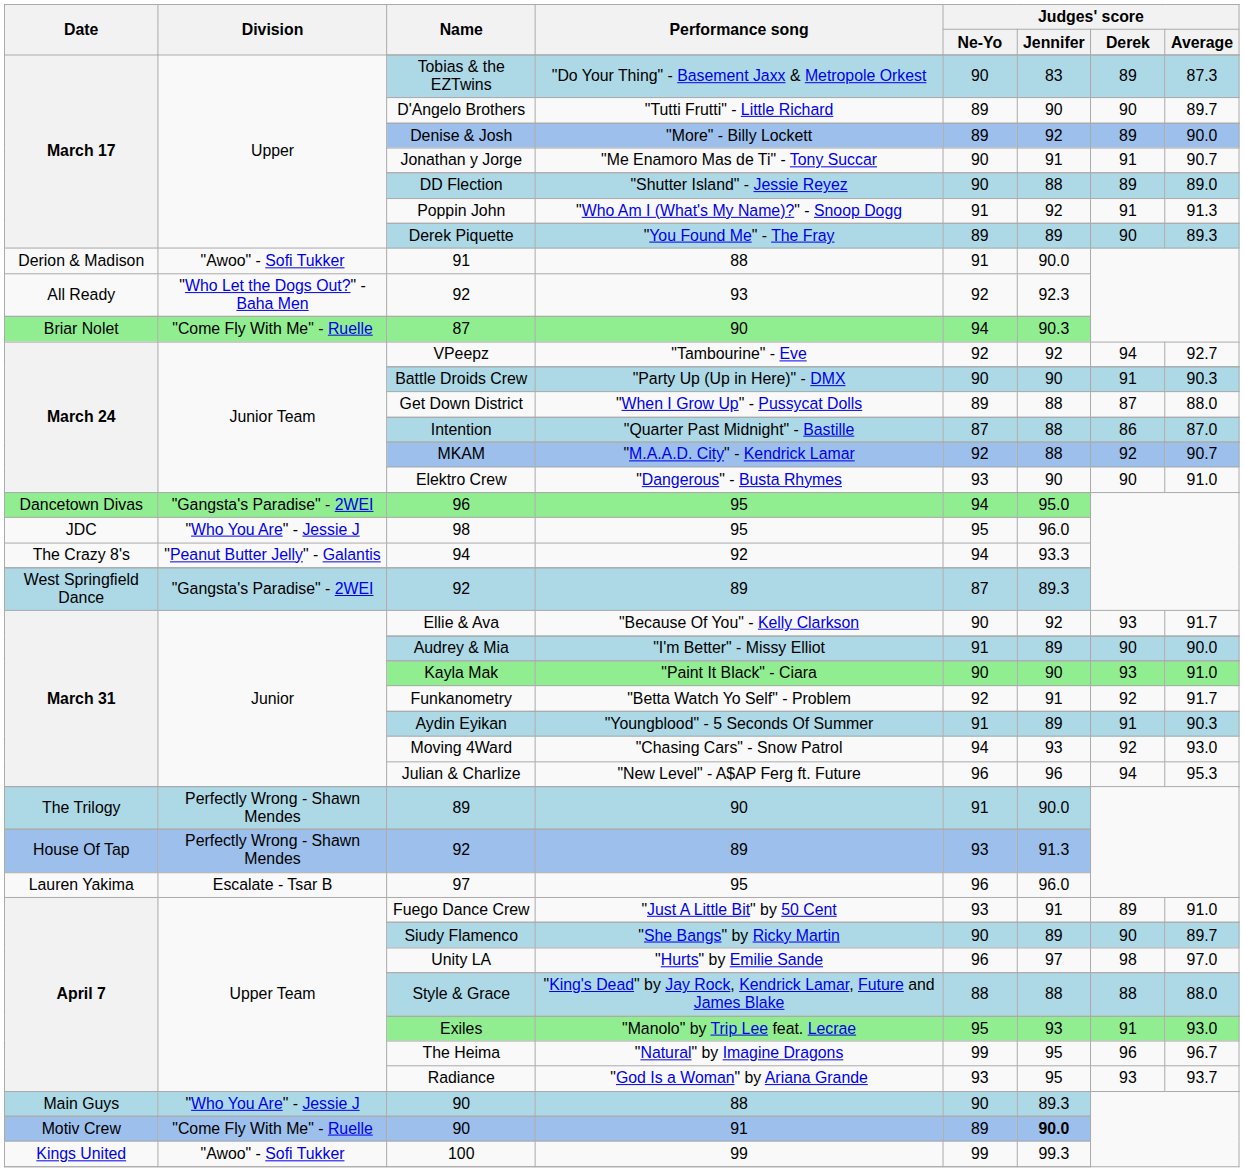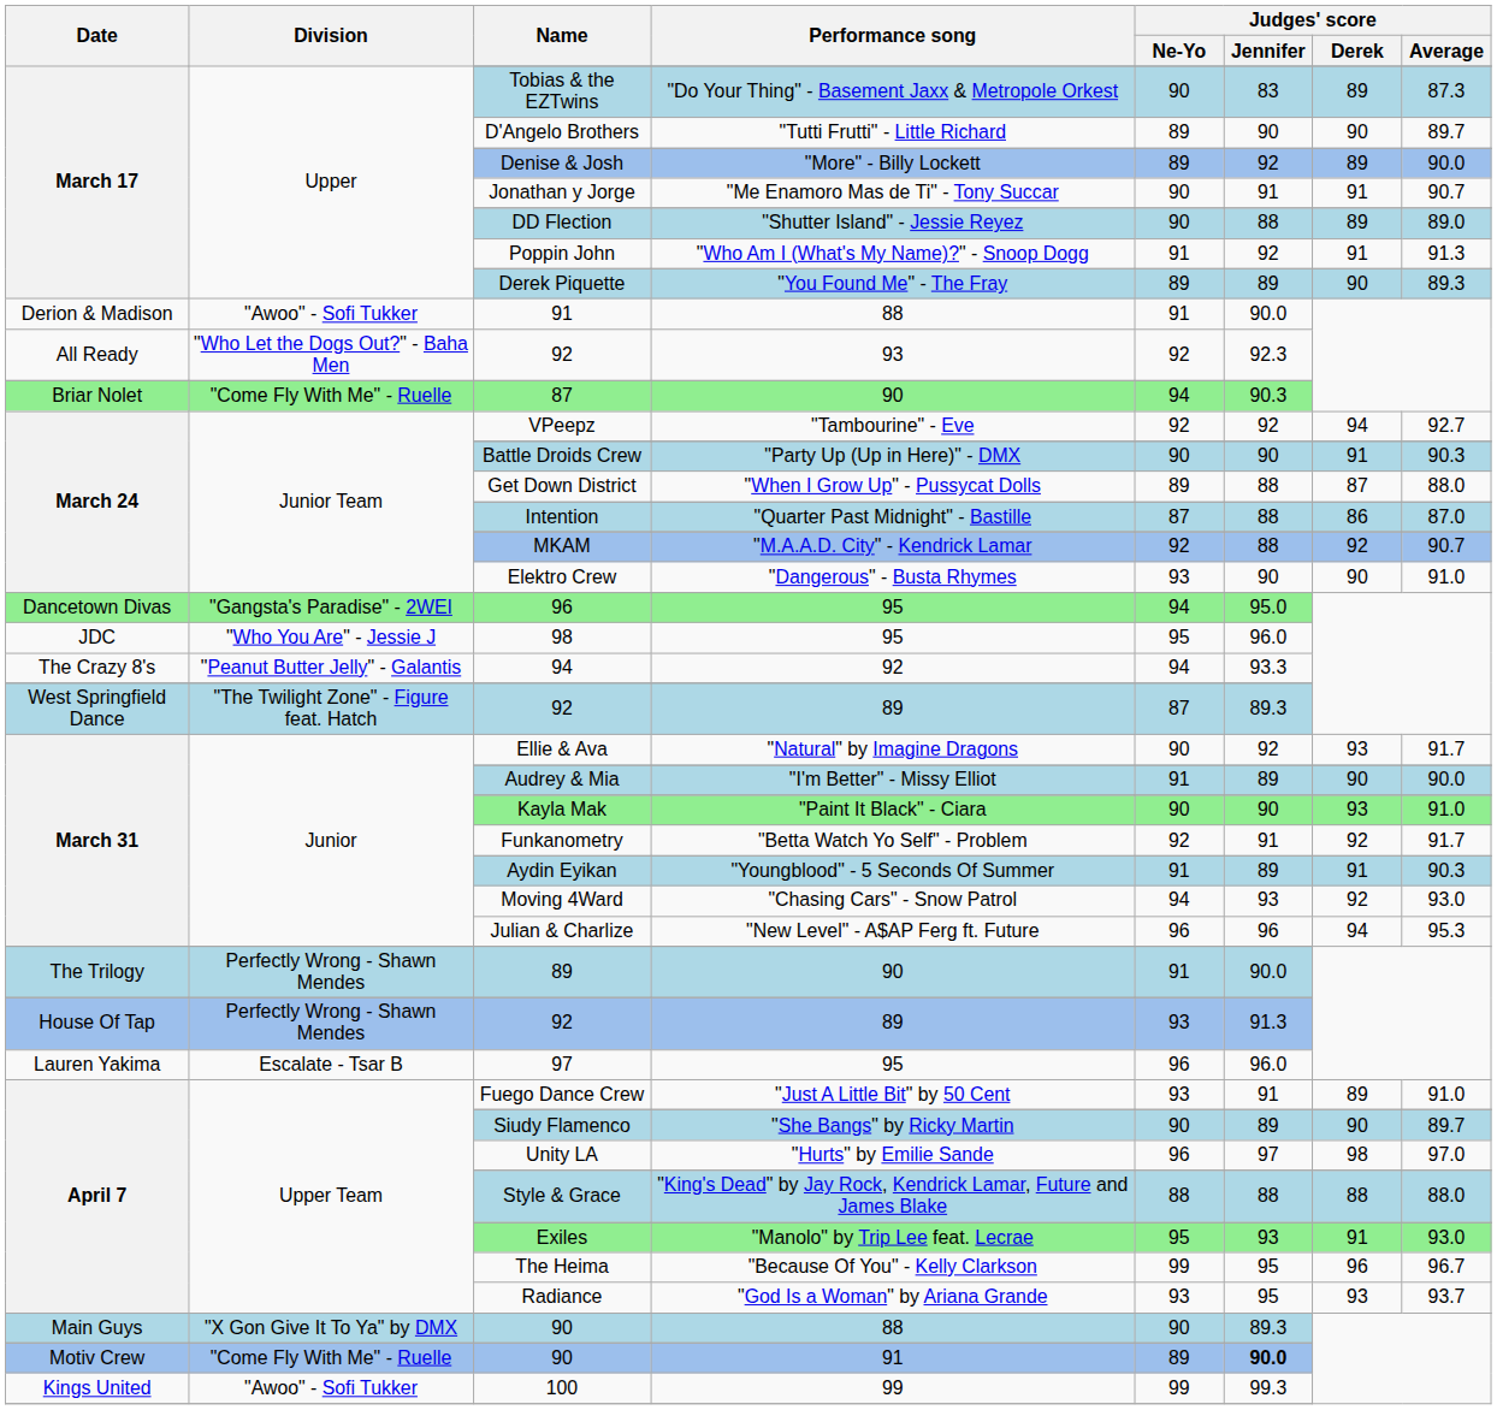 <table class="wikitable sortable" style="text-align:center;">
 <tr>
 <th scope="col" rowspan="2">Date</th>
 <th scope="col" rowspan="2">Division</th>
 <th scope="col" rowspan="2" class="unsortable">Name</th>
 <th scope="col" rowspan="2" class="unsortable">Performance song</th>
 <th scope="col" colspan="4">Judges' score</th>
 </tr>
 <tr>
 <th style="width:06%;">Ne-Yo</th>
 <th style="width:06%;">Jennifer</th>
 <th style="width:06%;">Derek</th>
 <th style="width:06%;">Average</th>
 </tr>
 <tr>
 <th rowspan="11">March 17</th>
 <td rowspan="11">Upper</td>
 </tr>
 <tr style="color:black; background:LightBlue;">
 <td>Tobias & the EZTwins</td>
 <td>"Do Your Thing" - <a href='#'>Basement Jaxx</a> & <a href='#'>Metropole Orkest</a></td>
 <td>90</td>
 <td>83</td>
 <td>89</td>
 <td>87.3</td>
 </tr>
 <tr>
 <td>D'Angelo Brothers</td>
 <td>"Tutti Frutti" - <a href='#'>Little Richard</a></td>
 <td>89</td>
 <td>90</td>
 <td>90</td>
 <td>89.7</td>
 </tr>
 <tr>
 </tr>
 <tr style="color:black; background:#9CBFEC;">
 <td>Denise & Josh</td>
 <td>"More" - Billy Lockett</td>
 <td>89</td>
 <td>92</td>
 <td>89</td>
 <td>90.0</td>
 </tr>
 <tr>
 <td>Jonathan y Jorge</td>
 <td>"Me Enamoro Mas de Ti" - <a href='#'>Tony Succar</a></td>
 <td>90</td>
 <td>91</td>
 <td>91</td>
 <td>90.7</td>
 </tr>
 <tr>
 </tr>
 <tr style="color:black; background:LightBlue;">
 <td>DD Flection</td>
 <td>"Shutter Island" - <a href='#'>Jessie Reyez</a></td>
 <td>90</td>
 <td>88</td>
 <td>89</td>
 <td>89.0</td>
 </tr>
 <tr>
 <td>Poppin John</td>
 <td>"<a href='#'>Who Am I (What's My Name)?</a>" - <a href='#'>Snoop Dogg</a></td>
 <td>91</td>
 <td>92</td>
 <td>91</td>
 <td>91.3</td>
 </tr>
 <tr>
 </tr>
 <tr style="color:black; background:LightBlue;">
 <td>Derek Piquette</td>
 <td>"<a href='#'>You Found Me</a>" - <a href='#'>The Fray</a></td>
 <td>89</td>
 <td>89</td>
 <td>90</td>
 <td>89.3</td>
 </tr>
 <tr>
 <td>Derion & Madison</td>
 <td>"Awoo" - <a href='#'>Sofi Tukker</a></td>
 <td>91</td>
 <td>88</td>
 <td>91</td>
 <td>90.0</td>
 </tr>
 <tr>
 <td>All Ready</td>
 <td>"<a href='#'>Who Let the Dogs Out?</a>" - <a href='#'>Baha Men</a></td>
 <td>92</td>
 <td>93</td>
 <td>92</td>
 <td>92.3</td>
 </tr>
 <tr>
 </tr>
 <tr style="color:black; background:LightGreen;">
 <td>Briar Nolet</td>
 <td>"Come Fly With Me" - <a href='#'>Ruelle</a></td>
 <td>87</td>
 <td>90</td>
 <td>94</td>
 <td>90.3</td>
 </tr>
 <tr>
 <th rowspan="10">March 24</th>
 <td rowspan="10">Junior Team</td>
 <td>VPeepz</td>
 <td>"Tambourine" - <a href='#'>Eve</a></td>
 <td>92</td>
 <td>92</td>
 <td>94</td>
 <td>92.7</td>
 </tr>
 <tr>
 </tr>
 <tr style="color:black; background:LightBlue;">
 <td>Battle Droids Crew</td>
 <td>"Party Up (Up in Here)" - <a href='#'>DMX</a></td>
 <td>90</td>
 <td>90</td>
 <td>91</td>
 <td>90.3</td>
 </tr>
 <tr>
 <td>Get Down District</td>
 <td>"<a href='#'>When I Grow Up</a>" - <a href='#'>Pussycat Dolls</a></td>
 <td>89</td>
 <td>88</td>
 <td>87</td>
 <td>88.0</td>
 </tr>
 <tr>
 </tr>
 <tr style="color:black; background:LightBlue;">
 <td>Intention</td>
 <td>"Quarter Past Midnight" - <a href='#'>Bastille</a></td>
 <td>87</td>
 <td>88</td>
 <td>86</td>
 <td>87.0</td>
 </tr>
 <tr>
 </tr>
 <tr style="color:black; background:#9CBFEC;">
 <td>MKAM</td>
 <td>"<a href='#'>M.A.A.D. City</a>" - <a href='#'>Kendrick Lamar</a></td>
 <td>92</td>
 <td>88</td>
 <td>92</td>
 <td>90.7</td>
 </tr>
 <tr>
 <td>Elektro Crew</td>
 <td>"<a href='#'>Dangerous</a>" - <a href='#'>Busta Rhymes</a></td>
 <td>93</td>
 <td>90</td>
 <td>90</td>
 <td>91.0</td>
 </tr>
 <tr>
 </tr>
 <tr style="color:black; background:LightGreen;">
 <td>Dancetown Divas</td>
 <td>"Gangsta's Paradise" - <a href='#'>2WEI</a></td>
 <td>96</td>
 <td>95</td>
 <td>94</td>
 <td>95.0</td>
 </tr>
 <tr>
 <td>JDC</td>
 <td>"<a href='#'>Who You Are</a>" - <a href='#'>Jessie J</a></td>
 <td>98</td>
 <td>95</td>
 <td>95</td>
 <td>96.0</td>
 </tr>
 <tr>
 <td>The Crazy 8's</td>
 <td>"<a href='#'>Peanut Butter Jelly</a>" - <a href='#'>Galantis</a></td>
 <td>94</td>
 <td>92</td>
 <td>94</td>
 <td>93.3</td>
 </tr>
 <tr>
 </tr>
 <tr style="color:black; background:LightBlue;">
 <td>West Springfield Dance</td>
-<td>"Gangsta's Paradise" - <a href='#'>2WEI</a></td>
+<td>"The Twilight Zone" - <a href='#'>Figure</a> feat. Hatch</td>
 <td>92</td>
 <td>89</td>
 <td>87</td>
 <td>89.3</td>
 </tr>
 <tr>
 <th rowspan="10">March 31</th>
 <td rowspan="10">Junior</td>
 <td>Ellie & Ava</td>
-<td>"Because Of You" - <a href='#'>Kelly Clarkson</a></td>
+<td>"<a href='#'>Natural</a>" by <a href='#'>Imagine Dragons</a></td>
 <td>90</td>
 <td>92</td>
 <td>93</td>
 <td>91.7</td>
 </tr>
 <tr>
 </tr>
 <tr style="color:black; background:LightBlue;">
 <td>Audrey & Mia</td>
 <td>"I'm Better" - Missy Elliot</td>
 <td>91</td>
 <td>89</td>
 <td>90</td>
 <td>90.0</td>
 </tr>
 <tr>
 </tr>
 <tr style="color:black; background:LightGreen;">
 <td>Kayla Mak</td>
 <td>"Paint It Black" - Ciara</td>
 <td>90</td>
 <td>90</td>
 <td>93</td>
 <td>91.0</td>
 </tr>
 <tr>
 <td>Funkanometry</td>
 <td>"Betta Watch Yo Self" - Problem</td>
 <td>92</td>
 <td>91</td>
 <td>92</td>
 <td>91.7</td>
 </tr>
 <tr>
 </tr>
 <tr style="color:black; background:LightBlue;">
 <td>Aydin Eyikan</td>
 <td>"Youngblood" - 5 Seconds Of Summer</td>
 <td>91</td>
 <td>89</td>
 <td>91</td>
 <td>90.3</td>
 </tr>
 <tr>
 <td>Moving 4Ward</td>
 <td>"Chasing Cars" - Snow Patrol</td>
 <td>94</td>
 <td>93</td>
 <td>92</td>
 <td>93.0</td>
 </tr>
 <tr>
 <td>Julian & Charlize</td>
 <td>"New Level" - A$AP Ferg ft. Future</td>
 <td>96</td>
 <td>96</td>
 <td>94</td>
 <td>95.3</td>
 </tr>
 <tr>
 </tr>
 <tr style="color:black; background:LightBlue;">
 <td>The Trilogy</td>
 <td>Perfectly Wrong - Shawn Mendes</td>
 <td>89</td>
 <td>90</td>
 <td>91</td>
 <td>90.0</td>
 </tr>
 <tr>
 </tr>
 <tr style="color:black; background:#9CBFEC;">
 <td>House Of Tap</td>
 <td>Perfectly Wrong - Shawn Mendes</td>
 <td>92</td>
 <td>89</td>
 <td>93</td>
 <td>91.3</td>
 </tr>
 <tr>
 <td>Lauren Yakima</td>
 <td>Escalate - Tsar B</td>
 <td>97</td>
 <td>95</td>
 <td>96</td>
 <td>96.0</td>
 </tr>
 <tr>
 <th rowspan="10">April 7</th>
 <td rowspan="10">Upper Team</td>
 <td>Fuego Dance Crew</td>
 <td>"<a href='#'>Just A Little Bit</a>" by <a href='#'>50 Cent</a></td>
 <td>93</td>
 <td>91</td>
 <td>89</td>
 <td>91.0</td>
 </tr>
 <tr>
 </tr>
 <tr style="color:black; background:LightBlue;">
 <td>Siudy Flamenco</td>
 <td>"<a href='#'>She Bangs</a>" by <a href='#'>Ricky Martin</a></td>
 <td>90</td>
 <td>89</td>
 <td>90</td>
 <td>89.7</td>
 </tr>
 <tr>
 <td>Unity LA</td>
 <td>"<a href='#'>Hurts</a>" by <a href='#'>Emilie Sande</a></td>
 <td>96</td>
 <td>97</td>
 <td>98</td>
 <td>97.0</td>
 </tr>
 <tr>
 </tr>
 <tr style="color:black; background:LightBlue;">
 <td>Style & Grace</td>
 <td>"<a href='#'>King's Dead</a>" by <a href='#'>Jay Rock</a>, <a href='#'>Kendrick Lamar</a>, <a href='#'>Future</a> and <a href='#'>James Blake</a></td>
 <td>88</td>
 <td>88</td>
 <td>88</td>
 <td>88.0</td>
 </tr>
 <tr>
 </tr>
 <tr style="color:black; background:LightGreen;">
 <td>Exiles</td>
 <td>"Manolo" by <a href='#'>Trip Lee</a> feat. <a href='#'>Lecrae</a></td>
 <td>95</td>
 <td>93</td>
 <td>91</td>
 <td>93.0</td>
 </tr>
 <tr>
 <td>The Heima</td>
-<td>"<a href='#'>Natural</a>" by <a href='#'>Imagine Dragons</a></td>
+<td>"Because Of You" - <a href='#'>Kelly Clarkson</a></td>
 <td>99</td>
 <td>95</td>
 <td>96</td>
 <td>96.7</td>
 </tr>
 <tr>
 <td>Radiance</td>
 <td>"<a href='#'>God Is a Woman</a>" by <a href='#'>Ariana Grande</a></td>
 <td>93</td>
 <td>95</td>
 <td>93</td>
 <td>93.7</td>
 </tr>
 <tr>
 </tr>
 <tr style="color:black; background:LightBlue;">
 <td>Main Guys</td>
-<td>"<a href='#'>Who You Are</a>" - <a href='#'>Jessie J</a></td>
+<td>"X Gon Give It To Ya" by <a href='#'>DMX</a></td>
 <td>90</td>
 <td>88</td>
 <td>90</td>
 <td>89.3</td>
 </tr>
 <tr>
 </tr>
 <tr style="color:black; background:#9CBFEC;">
 <td>Motiv Crew</td>
 <td>"Come Fly With Me" - <a href='#'>Ruelle</a></td>
 <td>90</td>
 <td>91</td>
 <td>89</td>
 <td><strong>90.0</strong></td>
 </tr>
 <tr>
 <td><a href='#'>Kings United</a></td>
 <td>"Awoo" - <a href='#'>Sofi Tukker</a></td>
 <td>100</td>
 <td>99</td>
 <td>99</td>
 <td>99.3</td>
 </tr>
 <tr>
 </tr>
 </table>
